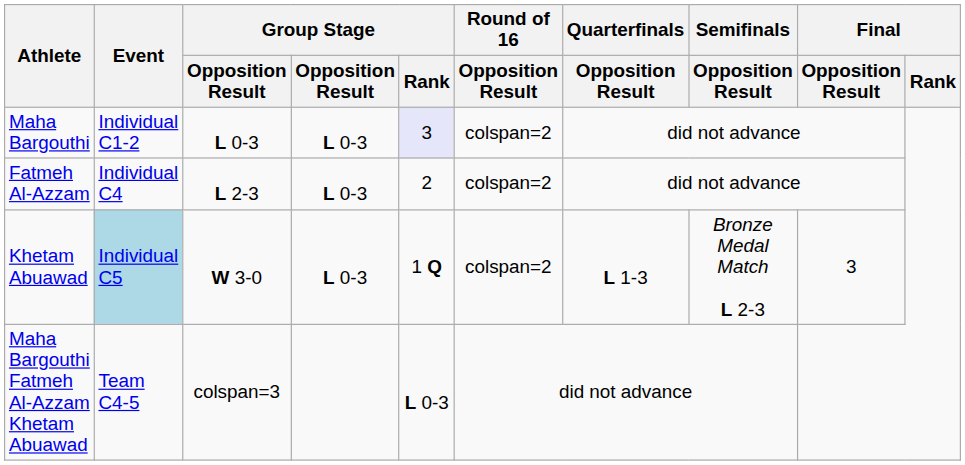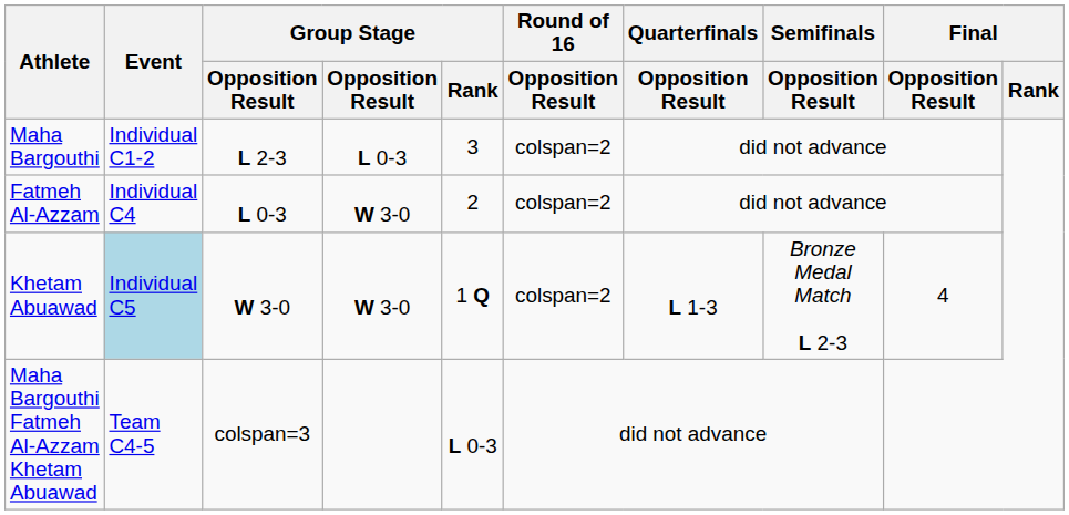 <table class=wikitable>
 <tr>
 <th rowspan="2">Athlete</th>
 <th rowspan="2">Event</th>
 <th colspan="3">Group Stage</th>
 <th>Round of 16</th>
 <th>Quarterfinals</th>
 <th>Semifinals</th>
 <th colspan="2">Final</th>
 </tr>
 <tr>
 <th>Opposition<br>Result</th>
 <th>Opposition<br>Result</th>
 <th>Rank</th>
 <th>Opposition<br>Result</th>
 <th>Opposition<br>Result</th>
 <th>Opposition<br>Result</th>
 <th>Opposition<br>Result</th>
 <th>Rank</th>
 </tr>
 <tr align=center>
 <td align=left><a href='#'>Maha Bargouthi</a></td>
 <td align=left><a href='#'>Individual C1-2</a></td>
+<td><br> <strong>L</strong> 2-3</td>
 <td><br> <strong>L</strong> 0-3</td>
-<td><br> <strong>L</strong> 0-3</td>
-<td style="background: lavender;">3</td>
+<td>3</td>
 <td>colspan=2 </td>
 <td colspan=3>did not advance</td>
 </tr>
 <tr align=center>
 <td align=left><a href='#'>Fatmeh Al-Azzam</a></td>
 <td align=left><a href='#'>Individual C4</a></td>
-<td><br> <strong>L</strong> 2-3</td>
 <td><br> <strong>L</strong> 0-3</td>
+<td><br> <strong>W</strong> 3-0</td>
 <td>2</td>
 <td>colspan=2 </td>
 <td colspan=3>did not advance</td>
 </tr>
 <tr align=center>
 <td align=left><a href='#'>Khetam Abuawad</a></td>
 <td align=left style="background: lightblue;"><a href='#'>Individual C5</a></td>
 <td><br> <strong>W</strong> 3-0</td>
-<td><br> <strong>L</strong> 0-3</td>
+<td><br> <strong>W</strong> 3-0</td>
 <td>1 <strong>Q</strong></td>
 <td>colspan=2 </td>
 <td><br> <strong>L</strong> 1-3</td>
 <td><em>Bronze Medal Match</em><br><br> <strong>L</strong> 2-3</td>
-<td>3</td>
+<td>4</td>
 </tr>
 <tr align=center>
 <td align=left><a href='#'>Maha Bargouthi</a><br><a href='#'>Fatmeh Al-Azzam</a><br><a href='#'>Khetam Abuawad</a></td>
 <td align=left><a href='#'>Team C4-5</a></td>
 <td>colspan=3 </td>
 <td></td>
 <td><br><strong>L</strong> 0-3</td>
 <td colspan=3>did not advance</td>
 </tr>
 </table>
